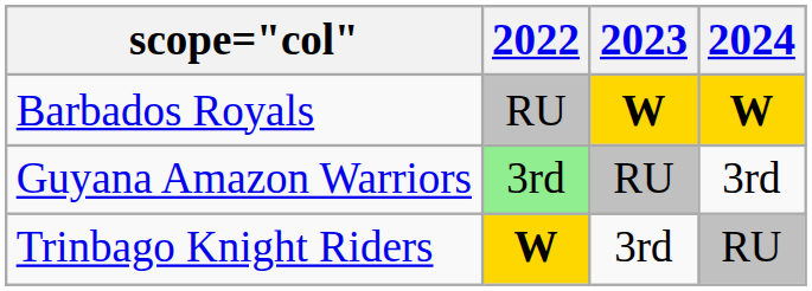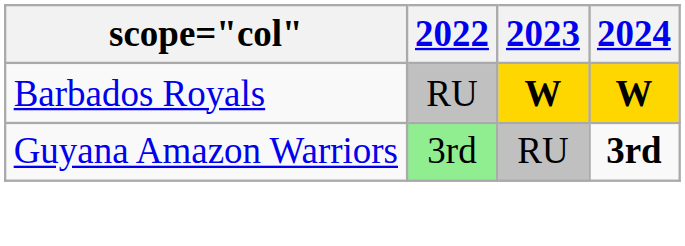 <table class="wikitable" style="text-align:center">
 <tr>
 <th>scope="col" </th>
 <th><a href='#'>2022</a></th>
 <th><a href='#'>2023</a></th>
 <th><a href='#'>2024</a></th>
 </tr>
 <tr>
 <td style="text-align:left;"><a href='#'>Barbados Royals</a></td>
 <td style="background:silver;">RU</td>
 <td style="background:gold;"><strong>W</strong></td>
 <td style="background:gold;"><strong>W</strong></td>
 </tr>
 <tr>
 <td style="text-align:left;"><a href='#'>Guyana Amazon Warriors</a></td>
 <td style="background: lightgreen;">3rd</td>
 <td style="background:silver;">RU</td>
-<td>3rd</td>
-</tr>
-<tr>
-<td style="text-align:left;"><a href='#'>Trinbago Knight Riders</a></td>
-<td style="background:gold;"><strong>W</strong></td>
-<td>3rd</td>
-<td style="background:silver;">RU</td>
+<td><strong>3rd</strong></td>
 </tr>
 </table>
